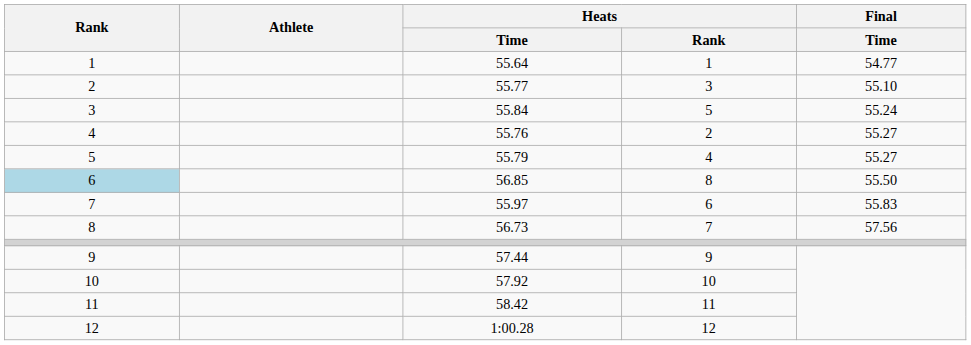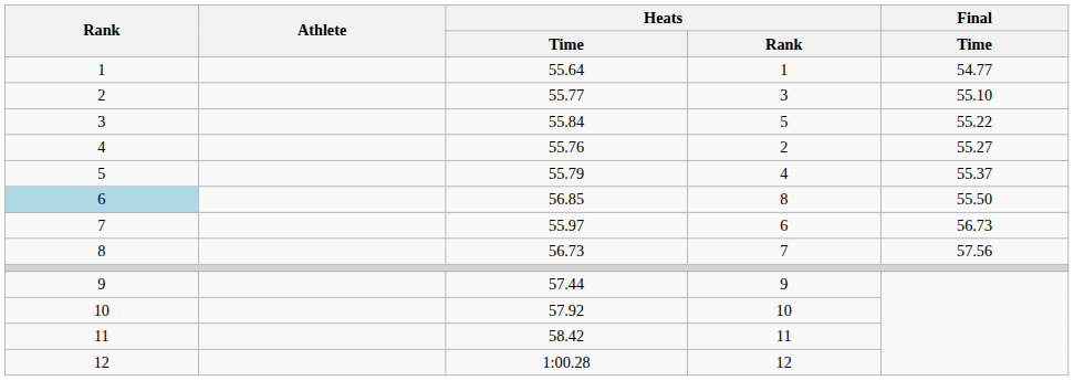 <table class="wikitable" style=" text-align:center; font-size:110%;" width="75%">
 <tr>
 <th rowspan="2">Rank</th>
 <th rowspan="2">Athlete</th>
 <th colspan="2">Heats</th>
 <th>Final</th>
 </tr>
 <tr>
 <th>Time</th>
 <th>Rank</th>
 <th>Time</th>
 </tr>
 <tr>
 <td>1</td>
 <td align=left></td>
 <td>55.64</td>
 <td>1</td>
 <td>54.77</td>
 </tr>
 <tr>
 <td>2</td>
 <td align=left></td>
 <td>55.77</td>
 <td>3</td>
 <td>55.10</td>
 </tr>
 <tr>
 <td>3</td>
 <td align=left></td>
 <td>55.84</td>
 <td>5</td>
-<td>55.24</td>
+<td>55.22</td>
 </tr>
 <tr>
 <td>4</td>
 <td align=left></td>
 <td>55.76</td>
 <td>2</td>
 <td>55.27</td>
 </tr>
 <tr>
 <td>5</td>
 <td align=left></td>
 <td>55.79</td>
 <td>4</td>
-<td>55.27</td>
+<td>55.37</td>
 </tr>
 <tr>
 <td style="background: lightblue;">6</td>
 <td align=left></td>
 <td>56.85</td>
 <td>8</td>
 <td>55.50</td>
 </tr>
 <tr>
 <td>7</td>
 <td align=left></td>
 <td>55.97</td>
 <td>6</td>
-<td>55.83</td>
+<td>56.73</td>
 </tr>
 <tr>
 <td>8</td>
 <td align=left></td>
 <td>56.73</td>
 <td>7</td>
 <td>57.56</td>
 </tr>
 <tr>
 <td colspan=5 bgcolor=lightgray></td>
 </tr>
 <tr>
 <td>9</td>
 <td align=left></td>
 <td>57.44</td>
 <td>9</td>
 </tr>
 <tr>
 <td>10</td>
 <td align=left></td>
 <td>57.92</td>
 <td>10</td>
 </tr>
 <tr>
 <td>11</td>
 <td align=left></td>
 <td>58.42 </td>
 <td>11</td>
 </tr>
 <tr>
 <td>12</td>
 <td align=left></td>
 <td>1:00.28</td>
 <td>12</td>
 </tr>
 </table>
